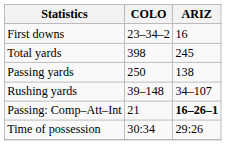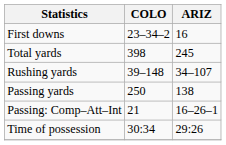 <table class="wikitable" style="float: left;">
 <tr>
 <th>Statistics</th>
 <th>COLO</th>
 <th>ARIZ</th>
 </tr>
 <tr>
 <td>First downs</td>
 <td>23–34–2</td>
 <td>16</td>
 </tr>
 <tr>
 <td>Total yards</td>
 <td>398</td>
 <td>245</td>
 </tr>
 <tr>
+<td>Rushing yards</td>
+<td>39–148</td>
+<td>34–107</td>
+</tr>
+<tr>
 <td>Passing yards</td>
 <td>250</td>
 <td>138</td>
 </tr>
 <tr>
-<td>Rushing yards</td>
-<td>39–148</td>
-<td>34–107</td>
-</tr>
-<tr>
 <td>Passing: Comp–Att–Int</td>
 <td>21</td>
-<td><strong>16–26–1</strong></td>
+<td>16–26–1</td>
 </tr>
 <tr>
 <td>Time of possession</td>
 <td>30:34</td>
 <td>29:26</td>
 </tr>
 <tr>
 </tr>
 </table>
